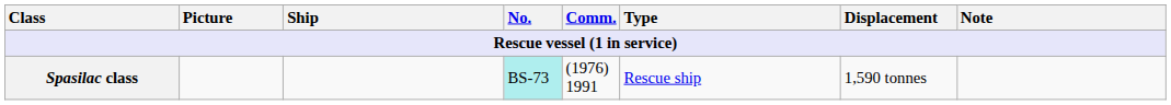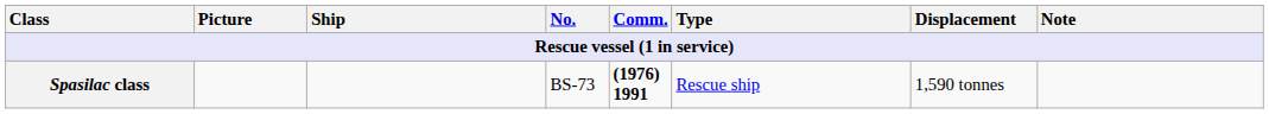 <table class="wikitable">
 <tr>
 <th style="text-align:left; width:15%;">Class</th>
 <th style="text-align:left; width:9%;">Picture</th>
 <th style="text-align:left; width:19%;">Ship</th>
 <th style="text-align:left; width: 5%;"><a href='#'>No.</a></th>
 <th style="text-align:left; width: 5%;"><a href='#'>Comm.</a></th>
 <th style="text-align:left; width:19%;">Type</th>
 <th style="text-align:left; width:10%;">Displacement</th>
 <th style="text-align:left; width:20%;">Note</th>
 </tr>
 <tr>
 <th colspan="8" style="background: lavender;">Rescue vessel (1 in service)</th>
 </tr>
 <tr>
 <th><em>Spasilac</em> class</th>
 <td></td>
 <td></td>
-<td style="background: paleturquoise;">BS-73</td>
-<td>(1976)<br>1991</td>
+<td>BS-73</td>
+<td><strong>(1976)<br>1991</strong></td>
 <td><a href='#'>Rescue ship</a></td>
 <td>1,590 tonnes</td>
 <td></td>
 </tr>
 </table>
